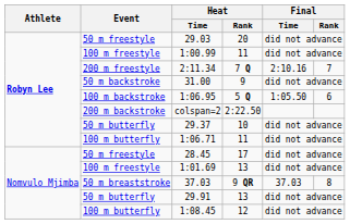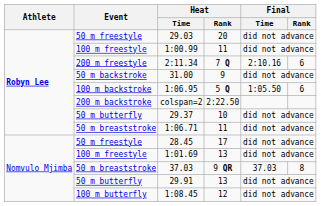 <table class="wikitable" style="text-align:center; font-size:90%">
 <tr>
 <th rowspan="2">Athlete</th>
 <th rowspan="2">Event</th>
 <th colspan="2">Heat</th>
 <th colspan="2">Final</th>
 </tr>
 <tr style="font-size:95%">
 <th>Time</th>
 <th>Rank</th>
 <th>Time</th>
 <th>Rank</th>
 </tr>
 <tr>
 <td align=left rowspan=8><strong><a href='#'>Robyn Lee</a></strong></td>
 <td align=left><a href='#'>50 m freestyle</a></td>
 <td>29.03</td>
 <td>20</td>
 <td colspan=2>did not advance</td>
 </tr>
 <tr>
 <td align=left><a href='#'>100 m freestyle</a></td>
 <td>1:00.99</td>
 <td>11</td>
 <td colspan=2>did not advance</td>
 </tr>
 <tr>
 <td align=left><a href='#'>200 m freestyle</a></td>
 <td>2:11.34</td>
 <td>7 <strong>Q</strong></td>
 <td>2:10.16</td>
-<td>7</td>
+<td>6</td>
 </tr>
 <tr>
 <td align=left><a href='#'>50 m backstroke</a></td>
 <td>31.00</td>
 <td>9</td>
 <td colspan=2>did not advance</td>
 </tr>
 <tr>
 <td align=left><a href='#'>100 m backstroke</a></td>
 <td>1:06.95</td>
 <td>5 <strong>Q</strong></td>
 <td>1:05.50</td>
 <td>6</td>
 </tr>
 <tr>
 <td align=left><a href='#'>200 m backstroke</a></td>
 <td>colspan=2 </td>
 <td>2:22.50</td>
 <td><strong></strong></td>
 </tr>
 <tr>
 <td align=left><a href='#'>50 m butterfly</a></td>
 <td>29.37</td>
 <td>10</td>
 <td colspan=2>did not advance</td>
 </tr>
 <tr>
-<td align=left><a href='#'>100 m butterfly</a></td>
+<td align=left><a href='#'>50 m breaststroke</a></td>
 <td>1:06.71</td>
 <td>11</td>
 <td colspan=2>did not advance</td>
 </tr>
 <tr>
 <td align=left rowspan=5><a href='#'>Nomvulo Mjimba</a></td>
 <td align=left><a href='#'>50 m freestyle</a></td>
 <td>28.45</td>
 <td>17</td>
 <td colspan=2>did not advance</td>
 </tr>
 <tr>
 <td align=left><a href='#'>100 m freestyle</a></td>
 <td>1:01.69</td>
 <td>13</td>
 <td colspan=2>did not advance</td>
 </tr>
 <tr>
 <td align=left><a href='#'>50 m breaststroke</a></td>
 <td>37.03</td>
 <td>9 <strong>QR</strong></td>
 <td>37.03</td>
 <td>8</td>
 </tr>
 <tr>
 <td align=left><a href='#'>50 m butterfly</a></td>
 <td>29.91</td>
 <td>13</td>
 <td colspan=2>did not advance</td>
 </tr>
 <tr>
 <td align=left><a href='#'>100 m butterfly</a></td>
 <td>1:08.45</td>
 <td>12</td>
 <td colspan=2>did not advance</td>
 </tr>
 </table>
